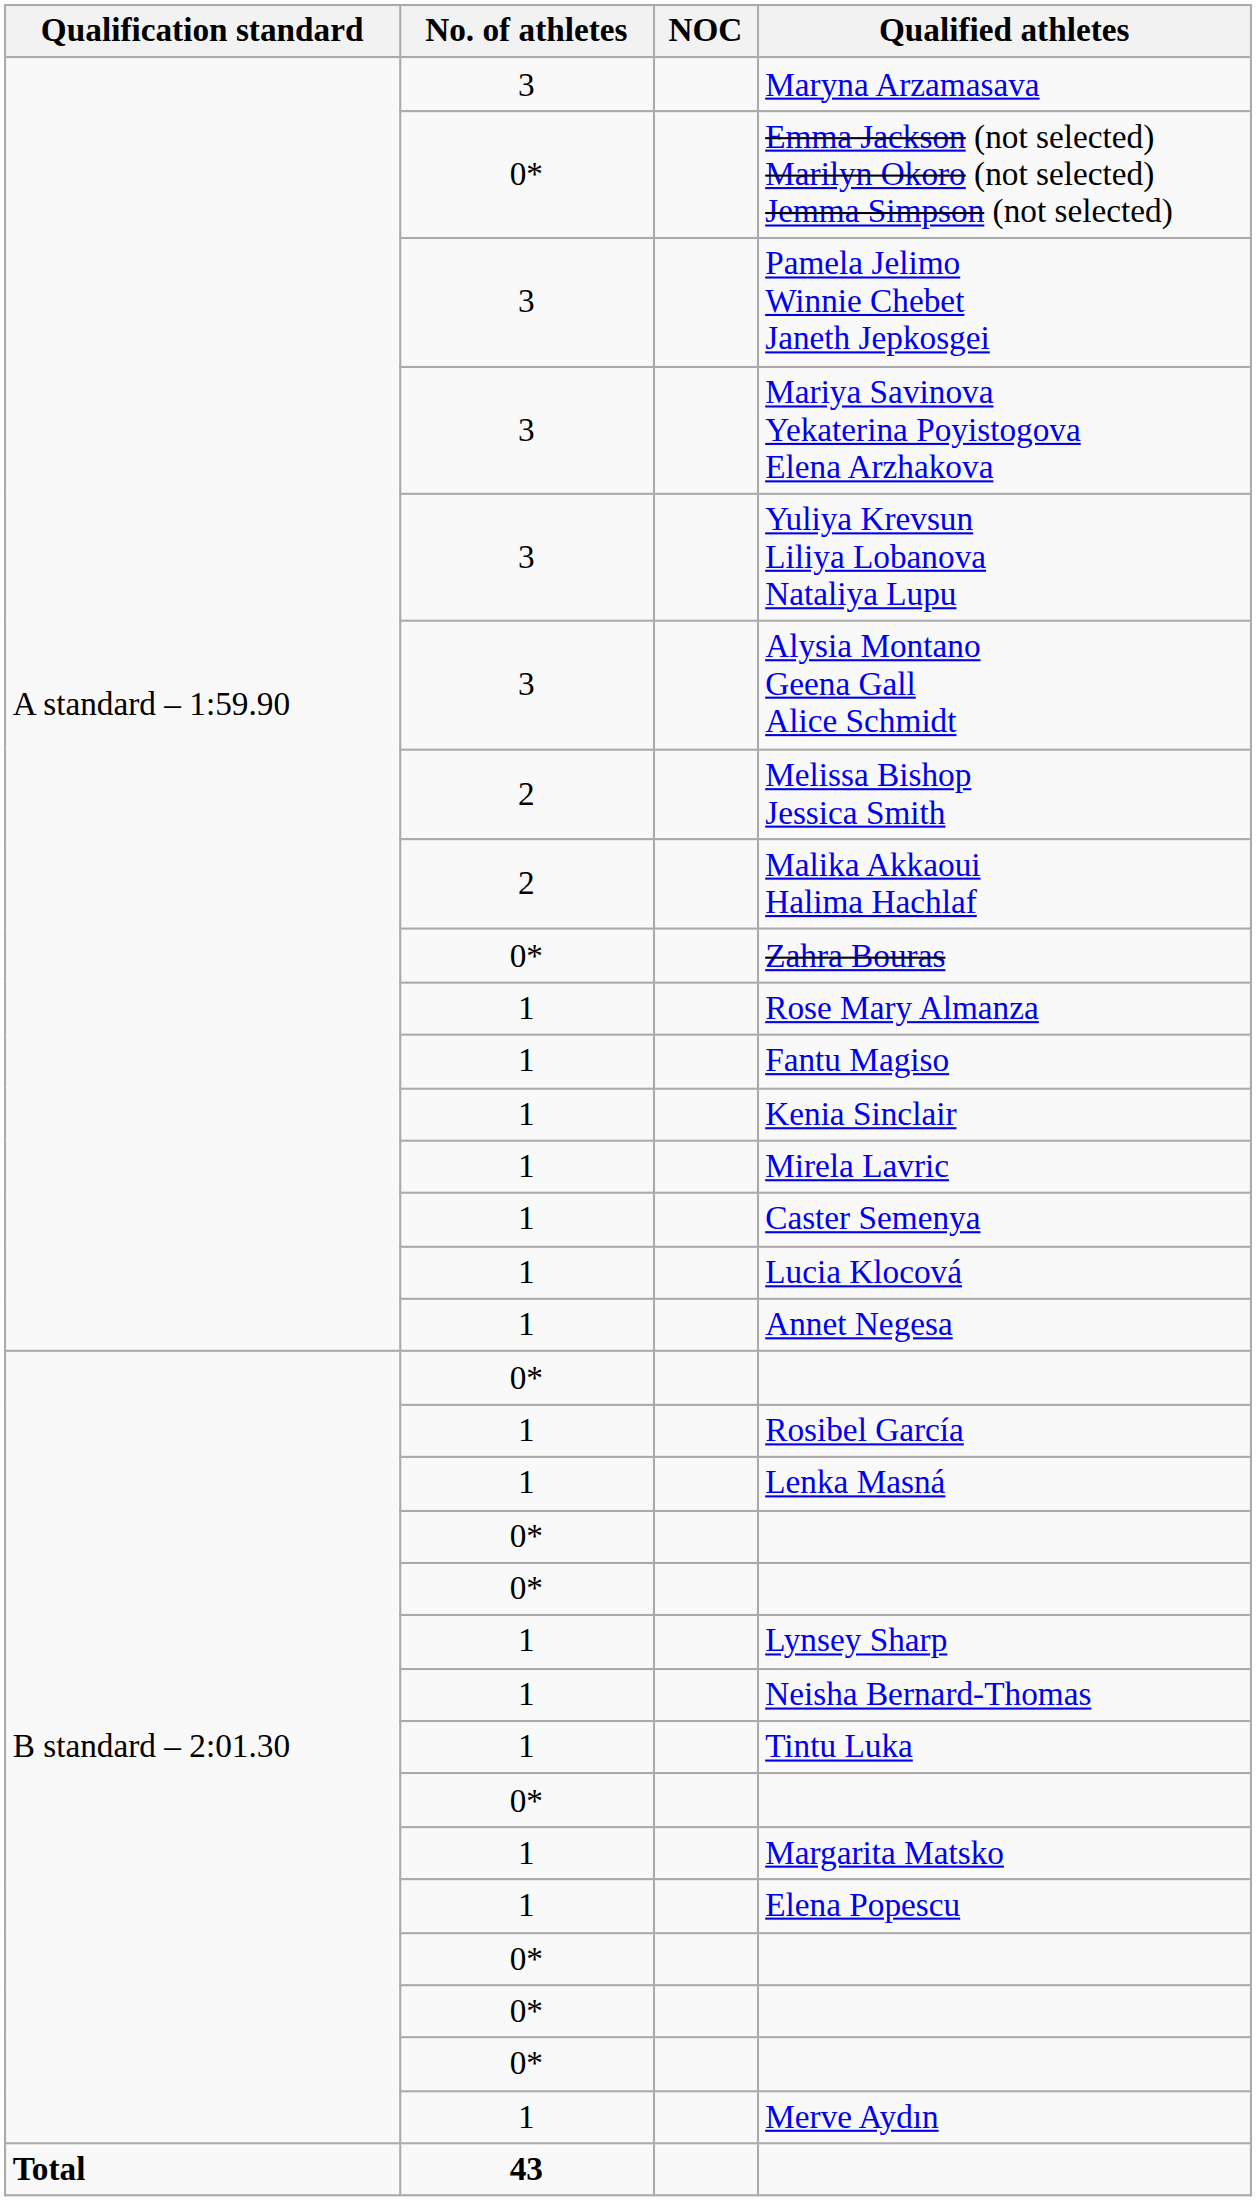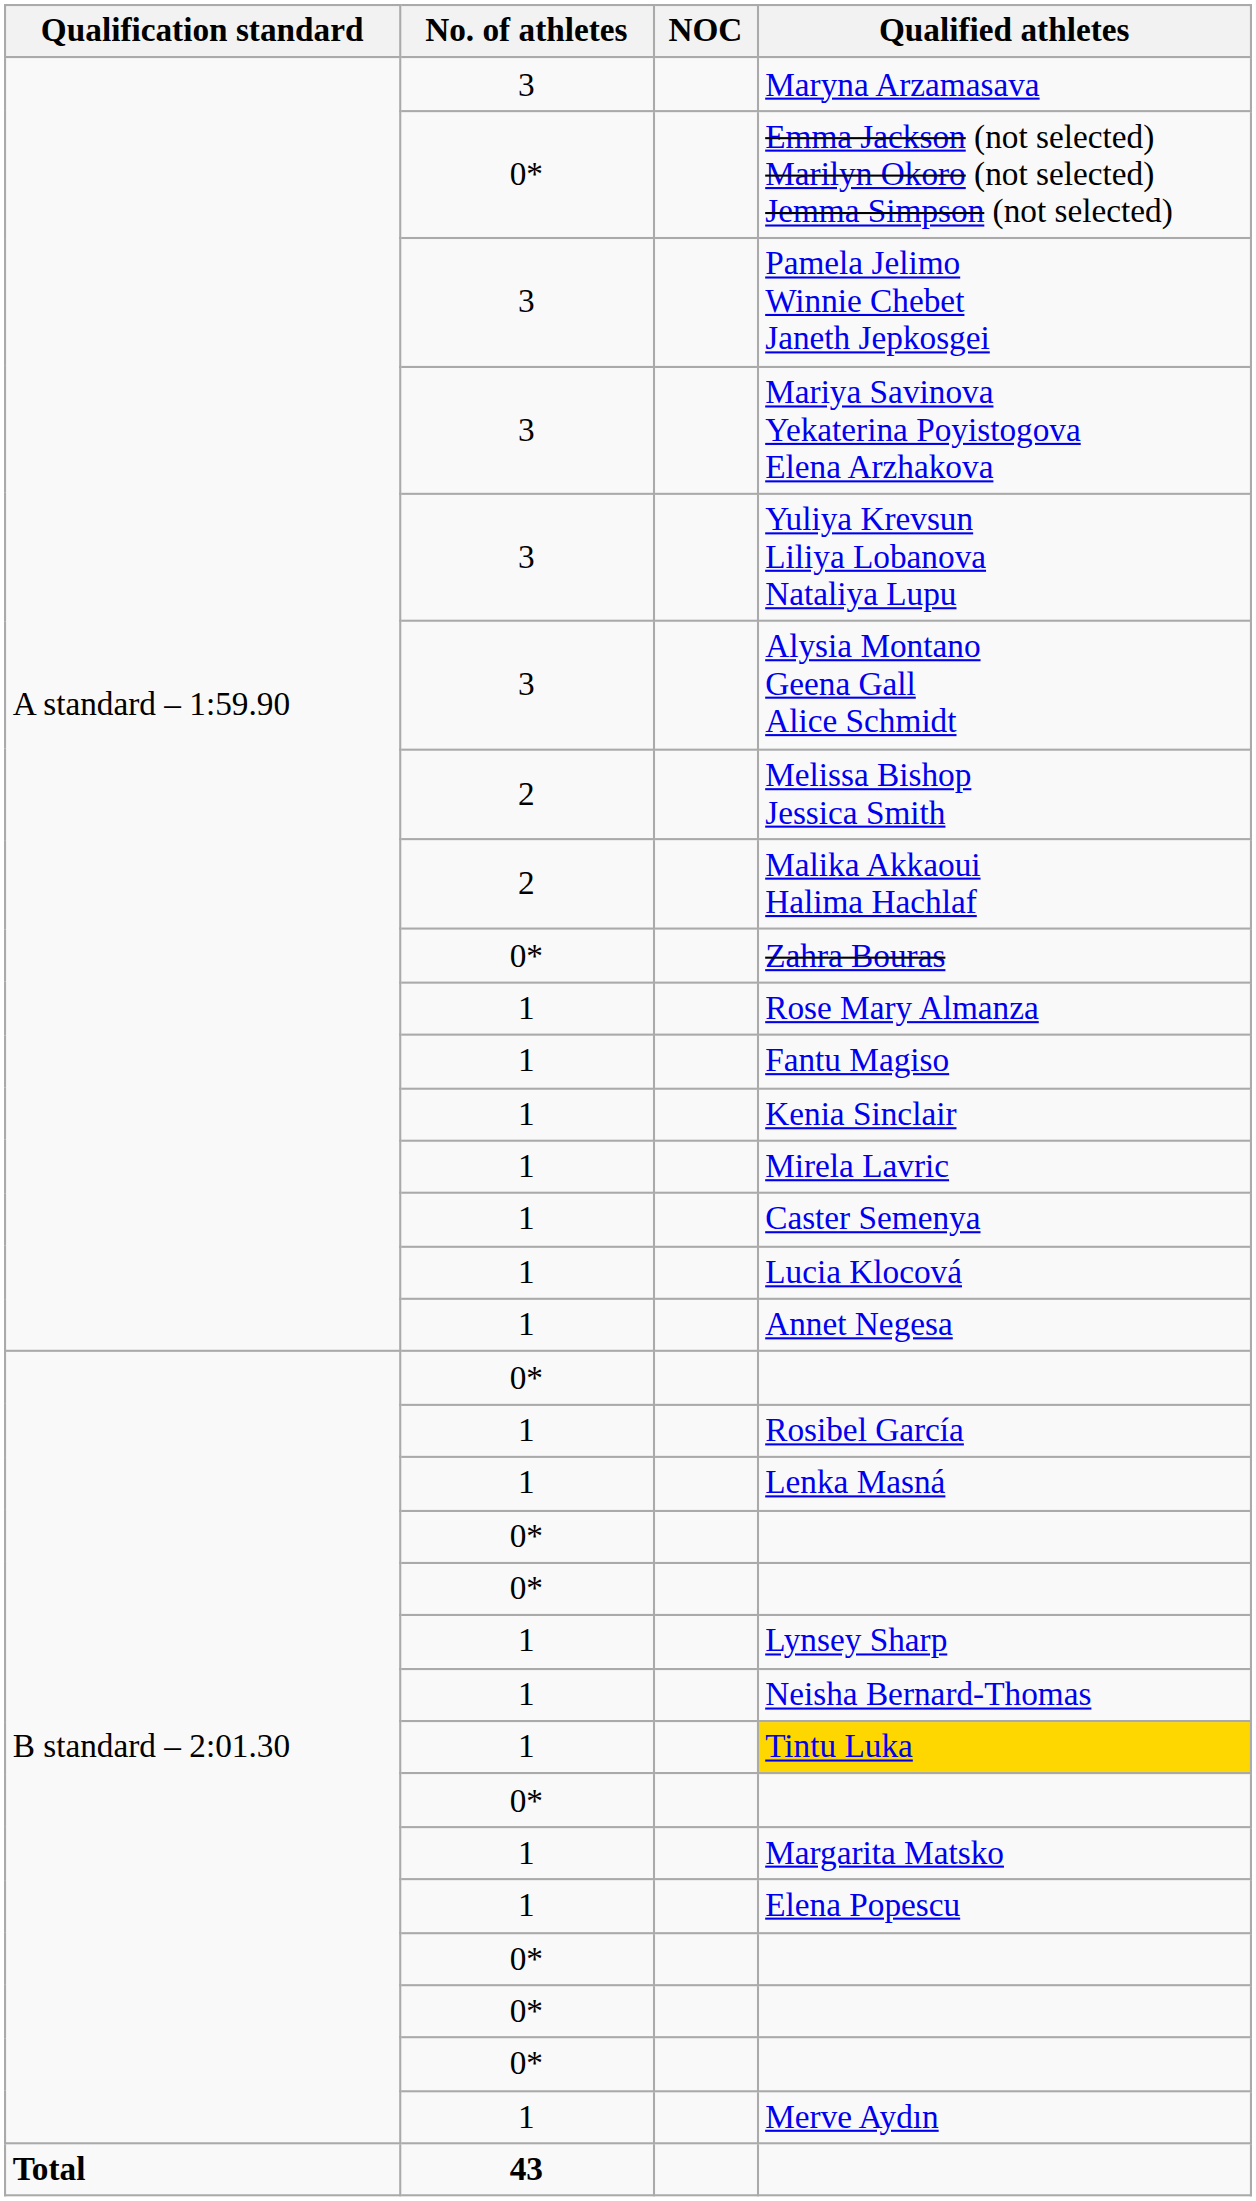 <table class="wikitable"  style="text-align:left; width:600px;">
 <tr>
 <th>Qualification standard</th>
 <th>No. of athletes</th>
 <th>NOC</th>
 <th>Qualified athletes</th>
 </tr>
 <tr>
 <td rowspan="16">A standard – 1:59.90</td>
 <td align=center>3</td>
 <td></td>
 <td><a href='#'>Maryna Arzamasava</a></td>
 </tr>
 <tr>
 <td align=center>0*</td>
 <td></td>
 <td><s><a href='#'>Emma Jackson</a></s> (not selected) <br> <s><a href='#'>Marilyn Okoro</a></s> (not selected) <br> <s><a href='#'>Jemma Simpson</a></s> (not selected)</td>
 </tr>
 <tr>
 <td align=center>3</td>
 <td></td>
 <td><a href='#'>Pamela Jelimo</a> <br> <a href='#'>Winnie Chebet</a> <br> <a href='#'>Janeth Jepkosgei</a></td>
 </tr>
 <tr>
 <td align=center>3</td>
 <td></td>
 <td><a href='#'>Mariya Savinova</a><br><a href='#'>Yekaterina Poyistogova</a><br><a href='#'>Elena Arzhakova</a></td>
 </tr>
 <tr>
 <td align=center>3</td>
 <td></td>
 <td><a href='#'>Yuliya Krevsun</a><br><a href='#'>Liliya Lobanova</a><br><a href='#'>Nataliya Lupu</a></td>
 </tr>
 <tr>
 <td align=center>3</td>
 <td></td>
 <td><a href='#'>Alysia Montano</a><br><a href='#'>Geena Gall</a><br><a href='#'>Alice Schmidt</a></td>
 </tr>
 <tr>
 <td align=center>2</td>
 <td></td>
 <td><a href='#'>Melissa Bishop</a><br><a href='#'>Jessica Smith</a></td>
 </tr>
 <tr>
 <td align=center>2</td>
 <td></td>
 <td><a href='#'>Malika Akkaoui</a><br><a href='#'>Halima Hachlaf</a></td>
 </tr>
 <tr>
 <td align=center>0*</td>
 <td></td>
 <td><s><a href='#'>Zahra Bouras</a></s></td>
 </tr>
 <tr>
 <td align=center>1</td>
 <td></td>
 <td><a href='#'>Rose Mary Almanza</a></td>
 </tr>
 <tr>
 <td align=center>1</td>
 <td></td>
 <td><a href='#'>Fantu Magiso</a></td>
 </tr>
 <tr>
 <td align=center>1</td>
 <td></td>
 <td><a href='#'>Kenia Sinclair</a></td>
 </tr>
 <tr>
 <td align=center>1</td>
 <td></td>
 <td><a href='#'>Mirela Lavric</a></td>
 </tr>
 <tr>
 <td align=center>1</td>
 <td></td>
 <td><a href='#'>Caster Semenya</a></td>
 </tr>
 <tr>
 <td align=center>1</td>
 <td></td>
 <td><a href='#'>Lucia Klocová</a></td>
 </tr>
 <tr>
 <td align=center>1</td>
 <td></td>
 <td><a href='#'>Annet Negesa</a></td>
 </tr>
 <tr>
 <td rowspan="15">B standard – 2:01.30</td>
 <td align=center>0*</td>
 <td></td>
 <td></td>
 </tr>
 <tr>
 <td align=center>1</td>
 <td></td>
 <td><a href='#'>Rosibel García</a></td>
 </tr>
 <tr>
 <td align=center>1</td>
 <td></td>
 <td><a href='#'>Lenka Masná</a></td>
 </tr>
 <tr>
 <td align=center>0*</td>
 <td></td>
 <td></td>
 </tr>
 <tr>
 <td align=center>0*</td>
 <td></td>
 <td></td>
 </tr>
 <tr>
 <td align=center>1</td>
 <td></td>
 <td><a href='#'>Lynsey Sharp</a></td>
 </tr>
 <tr>
 <td align=center>1</td>
 <td></td>
 <td><a href='#'>Neisha Bernard-Thomas</a></td>
 </tr>
 <tr>
 <td align=center>1</td>
 <td></td>
-<td><a href='#'>Tintu Luka</a></td>
+<td style="background: gold;"><a href='#'>Tintu Luka</a></td>
 </tr>
 <tr>
 <td align=center>0*</td>
 <td></td>
 <td></td>
 </tr>
 <tr>
 <td align=center>1</td>
 <td></td>
 <td><a href='#'>Margarita Matsko</a></td>
 </tr>
 <tr>
 <td align=center>1</td>
 <td></td>
 <td><a href='#'>Elena Popescu</a></td>
 </tr>
 <tr>
 <td align=center>0*</td>
 <td></td>
 <td></td>
 </tr>
 <tr>
 <td align=center>0*</td>
 <td></td>
 <td></td>
 </tr>
 <tr>
 <td align=center>0*</td>
 <td></td>
 <td></td>
 </tr>
 <tr>
 <td align=center>1</td>
 <td></td>
 <td><a href='#'>Merve Aydın</a></td>
 </tr>
 <tr>
 <td><strong>Total</strong></td>
 <td align=center><strong>43</strong></td>
 <td></td>
 <td></td>
 </tr>
 </table>
